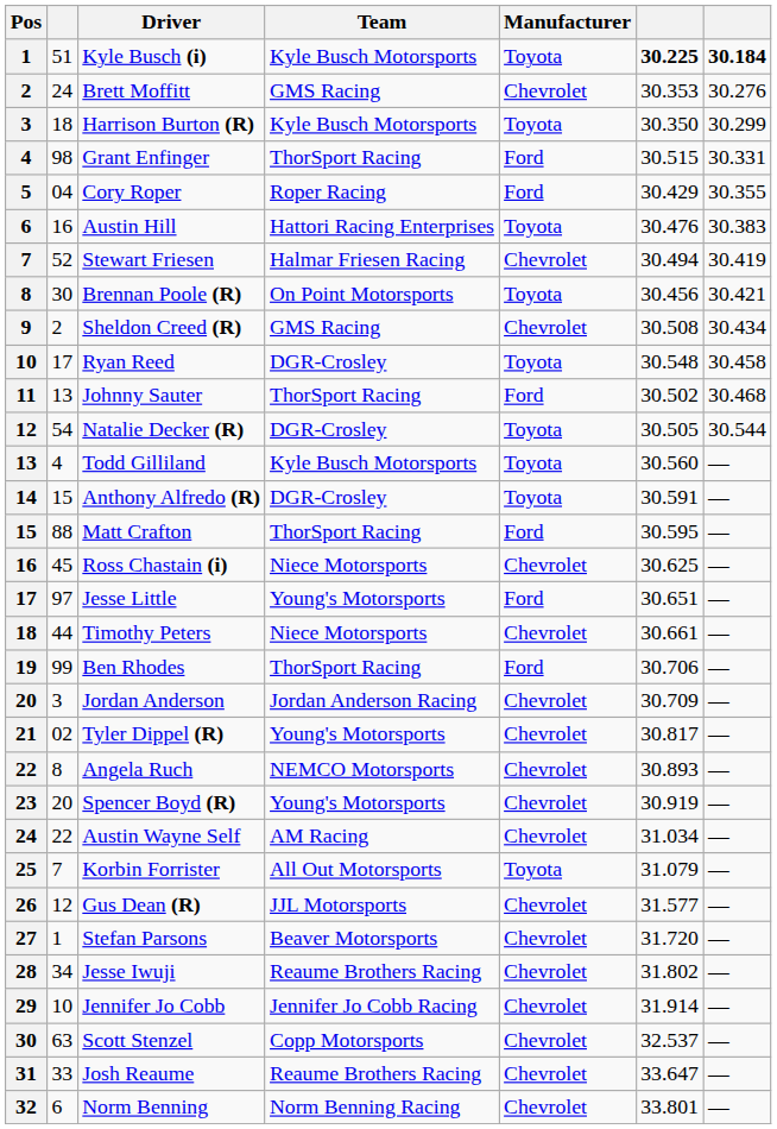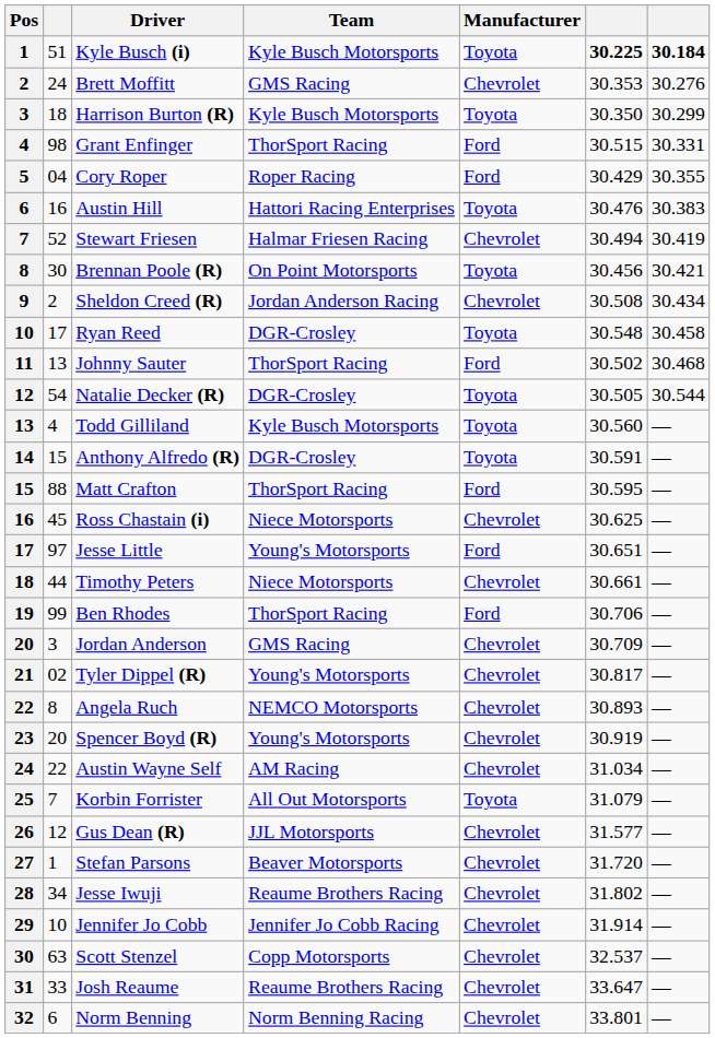 <table class="wikitable" style="font-size:98%">
 <tr>
 <th>Pos</th>
 <th></th>
 <th>Driver</th>
 <th>Team</th>
 <th>Manufacturer</th>
 <th></th>
 <th></th>
 </tr>
 <tr>
 <th>1</th>
 <td>51</td>
 <td><a href='#'>Kyle Busch</a> <strong>(i)</strong></td>
 <td><a href='#'>Kyle Busch Motorsports</a></td>
 <td><a href='#'>Toyota</a></td>
 <td><strong>30.225</strong></td>
 <td><strong>30.184</strong></td>
 </tr>
 <tr>
 <th>2</th>
 <td>24</td>
 <td><a href='#'>Brett Moffitt</a></td>
 <td><a href='#'>GMS Racing</a></td>
 <td><a href='#'>Chevrolet</a></td>
 <td>30.353</td>
 <td>30.276</td>
 </tr>
 <tr>
 <th>3</th>
 <td>18</td>
 <td><a href='#'>Harrison Burton</a> <strong>(R)</strong></td>
 <td><a href='#'>Kyle Busch Motorsports</a></td>
 <td><a href='#'>Toyota</a></td>
 <td>30.350</td>
 <td>30.299</td>
 </tr>
 <tr>
 <th>4</th>
 <td>98</td>
 <td><a href='#'>Grant Enfinger</a></td>
 <td><a href='#'>ThorSport Racing</a></td>
 <td><a href='#'>Ford</a></td>
 <td>30.515</td>
 <td>30.331</td>
 </tr>
 <tr>
 <th>5</th>
 <td>04</td>
 <td><a href='#'>Cory Roper</a></td>
 <td><a href='#'>Roper Racing</a></td>
 <td><a href='#'>Ford</a></td>
 <td>30.429</td>
 <td>30.355</td>
 </tr>
 <tr>
 <th>6</th>
 <td>16</td>
 <td><a href='#'>Austin Hill</a></td>
 <td><a href='#'>Hattori Racing Enterprises</a></td>
 <td><a href='#'>Toyota</a></td>
 <td>30.476</td>
 <td>30.383</td>
 </tr>
 <tr>
 <th>7</th>
 <td>52</td>
 <td><a href='#'>Stewart Friesen</a></td>
 <td><a href='#'>Halmar Friesen Racing</a></td>
 <td><a href='#'>Chevrolet</a></td>
 <td>30.494</td>
 <td>30.419</td>
 </tr>
 <tr>
 <th>8</th>
 <td>30</td>
 <td><a href='#'>Brennan Poole</a> <strong>(R)</strong></td>
 <td><a href='#'>On Point Motorsports</a></td>
 <td><a href='#'>Toyota</a></td>
 <td>30.456</td>
 <td>30.421</td>
 </tr>
 <tr>
 <th>9</th>
 <td>2</td>
 <td><a href='#'>Sheldon Creed</a> <strong>(R)</strong></td>
-<td><a href='#'>GMS Racing</a></td>
+<td><a href='#'>Jordan Anderson Racing</a></td>
 <td><a href='#'>Chevrolet</a></td>
 <td>30.508</td>
 <td>30.434</td>
 </tr>
 <tr>
 <th>10</th>
 <td>17</td>
 <td><a href='#'>Ryan Reed</a></td>
 <td><a href='#'>DGR-Crosley</a></td>
 <td><a href='#'>Toyota</a></td>
 <td>30.548</td>
 <td>30.458</td>
 </tr>
 <tr>
 <th>11</th>
 <td>13</td>
 <td><a href='#'>Johnny Sauter</a></td>
 <td><a href='#'>ThorSport Racing</a></td>
 <td><a href='#'>Ford</a></td>
 <td>30.502</td>
 <td>30.468</td>
 </tr>
 <tr>
 <th>12</th>
 <td>54</td>
 <td><a href='#'>Natalie Decker</a> <strong>(R)</strong></td>
 <td><a href='#'>DGR-Crosley</a></td>
 <td><a href='#'>Toyota</a></td>
 <td>30.505</td>
 <td>30.544</td>
 </tr>
 <tr>
 <th>13</th>
 <td>4</td>
 <td><a href='#'>Todd Gilliland</a></td>
 <td><a href='#'>Kyle Busch Motorsports</a></td>
 <td><a href='#'>Toyota</a></td>
 <td>30.560</td>
 <td>—</td>
 </tr>
 <tr>
 <th>14</th>
 <td>15</td>
 <td><a href='#'>Anthony Alfredo</a> <strong>(R)</strong></td>
 <td><a href='#'>DGR-Crosley</a></td>
 <td><a href='#'>Toyota</a></td>
 <td>30.591</td>
 <td>—</td>
 </tr>
 <tr>
 <th>15</th>
 <td>88</td>
 <td><a href='#'>Matt Crafton</a></td>
 <td><a href='#'>ThorSport Racing</a></td>
 <td><a href='#'>Ford</a></td>
 <td>30.595</td>
 <td>—</td>
 </tr>
 <tr>
 <th>16</th>
 <td>45</td>
 <td><a href='#'>Ross Chastain</a> <strong>(i)</strong></td>
 <td><a href='#'>Niece Motorsports</a></td>
 <td><a href='#'>Chevrolet</a></td>
 <td>30.625</td>
 <td>—</td>
 </tr>
 <tr>
 <th>17</th>
 <td>97</td>
 <td><a href='#'>Jesse Little</a></td>
 <td><a href='#'>Young's Motorsports</a></td>
 <td><a href='#'>Ford</a></td>
 <td>30.651</td>
 <td>—</td>
 </tr>
 <tr>
 <th>18</th>
 <td>44</td>
 <td><a href='#'>Timothy Peters</a></td>
 <td><a href='#'>Niece Motorsports</a></td>
 <td><a href='#'>Chevrolet</a></td>
 <td>30.661</td>
 <td>—</td>
 </tr>
 <tr>
 <th>19</th>
 <td>99</td>
 <td><a href='#'>Ben Rhodes</a></td>
 <td><a href='#'>ThorSport Racing</a></td>
 <td><a href='#'>Ford</a></td>
 <td>30.706</td>
 <td>—</td>
 </tr>
 <tr>
 <th>20</th>
 <td>3</td>
 <td><a href='#'>Jordan Anderson</a></td>
-<td><a href='#'>Jordan Anderson Racing</a></td>
+<td><a href='#'>GMS Racing</a></td>
 <td><a href='#'>Chevrolet</a></td>
 <td>30.709</td>
 <td>—</td>
 </tr>
 <tr>
 <th>21</th>
 <td>02</td>
 <td><a href='#'>Tyler Dippel</a> <strong>(R)</strong></td>
 <td><a href='#'>Young's Motorsports</a></td>
 <td><a href='#'>Chevrolet</a></td>
 <td>30.817</td>
 <td>—</td>
 </tr>
 <tr>
 <th>22</th>
 <td>8</td>
 <td><a href='#'>Angela Ruch</a></td>
 <td><a href='#'>NEMCO Motorsports</a></td>
 <td><a href='#'>Chevrolet</a></td>
 <td>30.893</td>
 <td>—</td>
 </tr>
 <tr>
 <th>23</th>
 <td>20</td>
 <td><a href='#'>Spencer Boyd</a> <strong>(R)</strong></td>
 <td><a href='#'>Young's Motorsports</a></td>
 <td><a href='#'>Chevrolet</a></td>
 <td>30.919</td>
 <td>—</td>
 </tr>
 <tr>
 <th>24</th>
 <td>22</td>
 <td><a href='#'>Austin Wayne Self</a></td>
 <td><a href='#'>AM Racing</a></td>
 <td><a href='#'>Chevrolet</a></td>
 <td>31.034</td>
 <td>—</td>
 </tr>
 <tr>
 <th>25</th>
 <td>7</td>
 <td><a href='#'>Korbin Forrister</a></td>
 <td><a href='#'>All Out Motorsports</a></td>
 <td><a href='#'>Toyota</a></td>
 <td>31.079</td>
 <td>—</td>
 </tr>
 <tr>
 <th>26</th>
 <td>12</td>
 <td><a href='#'>Gus Dean</a> <strong>(R)</strong></td>
 <td><a href='#'>JJL Motorsports</a></td>
 <td><a href='#'>Chevrolet</a></td>
 <td>31.577</td>
 <td>—</td>
 </tr>
 <tr>
 <th>27</th>
 <td>1</td>
 <td><a href='#'>Stefan Parsons</a></td>
 <td><a href='#'>Beaver Motorsports</a></td>
 <td><a href='#'>Chevrolet</a></td>
 <td>31.720</td>
 <td>—</td>
 </tr>
 <tr>
 <th>28</th>
 <td>34</td>
 <td><a href='#'>Jesse Iwuji</a></td>
 <td><a href='#'>Reaume Brothers Racing</a></td>
 <td><a href='#'>Chevrolet</a></td>
 <td>31.802</td>
 <td>—</td>
 </tr>
 <tr>
 <th>29</th>
 <td>10</td>
 <td><a href='#'>Jennifer Jo Cobb</a></td>
 <td><a href='#'>Jennifer Jo Cobb Racing</a></td>
 <td><a href='#'>Chevrolet</a></td>
 <td>31.914</td>
 <td>—</td>
 </tr>
 <tr>
 <th>30</th>
 <td>63</td>
 <td><a href='#'>Scott Stenzel</a></td>
 <td><a href='#'>Copp Motorsports</a></td>
 <td><a href='#'>Chevrolet</a></td>
 <td>32.537</td>
 <td>—</td>
 </tr>
 <tr>
 <th>31</th>
 <td>33</td>
 <td><a href='#'>Josh Reaume</a></td>
 <td><a href='#'>Reaume Brothers Racing</a></td>
 <td><a href='#'>Chevrolet</a></td>
 <td>33.647</td>
 <td>—</td>
 </tr>
 <tr>
 <th>32</th>
 <td>6</td>
 <td><a href='#'>Norm Benning</a></td>
 <td><a href='#'>Norm Benning Racing</a></td>
 <td><a href='#'>Chevrolet</a></td>
 <td>33.801</td>
 <td>—</td>
 </tr>
 <tr>
 </tr>
 </table>
